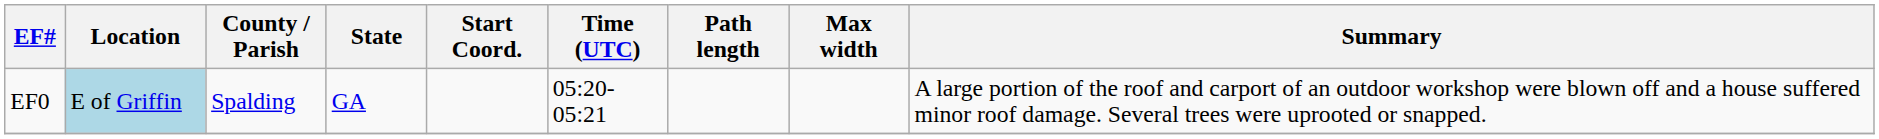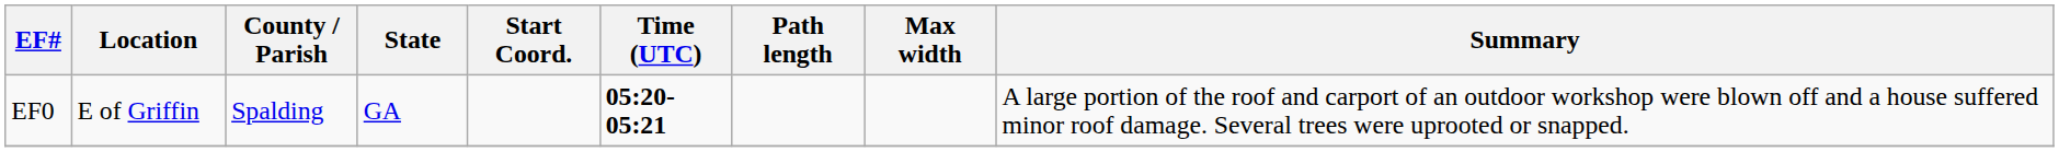 <table class="wikitable sortable" style="width:100%;">
 <tr>
 <th scope="col"  style="width:3%; text-align:center;"><a href='#'>EF#</a></th>
 <th scope="col"  style="width:7%; text-align:center;" class="unsortable">Location</th>
 <th scope="col"  style="width:6%; text-align:center;" class="unsortable">County / Parish</th>
 <th scope="col"  style="width:5%; text-align:center;">State</th>
 <th scope="col"  style="width:6%; text-align:center;">Start Coord.</th>
 <th scope="col"  style="width:6%; text-align:center;">Time (<a href='#'>UTC</a>)</th>
 <th scope="col"  style="width:6%; text-align:center;">Path length</th>
 <th scope="col"  style="width:6%; text-align:center;">Max width</th>
 <th scope="col" class="unsortable" style="width:48%; text-align:center;">Summary</th>
 </tr>
 <tr>
 <td>EF0</td>
-<td style="background: lightblue;">E of <a href='#'>Griffin</a></td>
+<td>E of <a href='#'>Griffin</a></td>
 <td><a href='#'>Spalding</a></td>
 <td><a href='#'>GA</a></td>
 <td></td>
-<td>05:20-05:21</td>
+<td><strong>05:20-05:21</strong></td>
 <td></td>
 <td></td>
 <td>A large portion of the roof and carport of an outdoor workshop were blown off and a house suffered minor roof damage. Several trees were uprooted or snapped.</td>
 </tr>
 <tr>
 </tr>
 </table>
